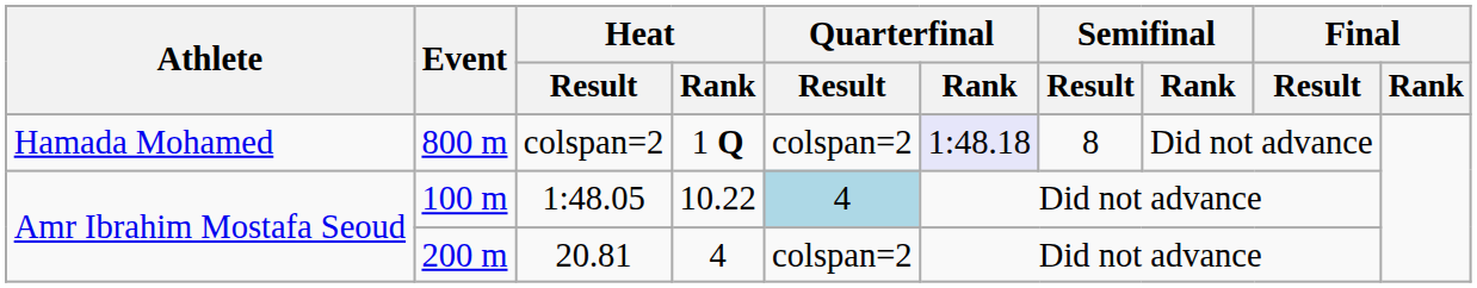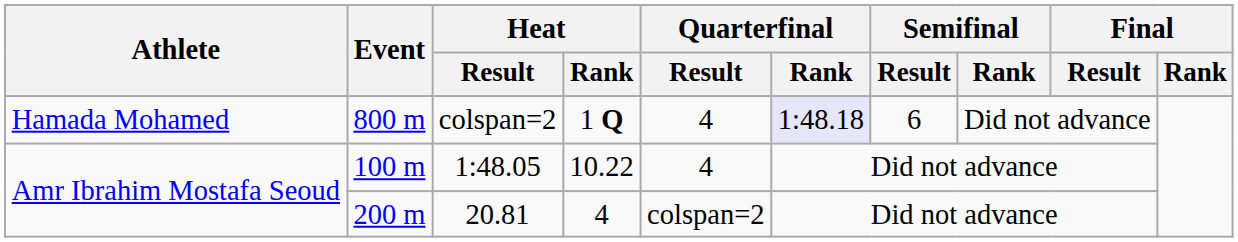 <table class="wikitable" style="font-size:90%">
 <tr>
 <th scope="col" rowspan="2">Athlete</th>
 <th scope="col" rowspan="2">Event</th>
 <th scope="col" colspan="2">Heat</th>
 <th scope="col" colspan="2">Quarterfinal</th>
 <th scope="col" colspan="2">Semifinal</th>
 <th scope="col" colspan="2">Final</th>
 </tr>
 <tr style="font-size:95%">
 <th scope="col">Result</th>
 <th scope="col">Rank</th>
 <th scope="col">Result</th>
 <th scope="col">Rank</th>
 <th scope="col">Result</th>
 <th scope="col">Rank</th>
 <th scope="col">Result</th>
 <th scope="col">Rank</th>
 </tr>
 <tr align=center>
 <td align=left><a href='#'>Hamada Mohamed</a></td>
 <td align=left><a href='#'>800 m</a></td>
 <td>colspan=2 </td>
 <td>1 <strong>Q</strong></td>
-<td>colspan=2 </td>
+<td>4</td>
 <td style="background: lavender;">1:48.18</td>
-<td>8</td>
+<td>6</td>
 <td colspan=2>Did not advance</td>
 </tr>
 <tr align=center>
 <td align=left rowspan=2><a href='#'>Amr Ibrahim Mostafa Seoud</a></td>
 <td align=left><a href='#'>100 m</a></td>
 <td>1:48.05</td>
 <td>10.22</td>
-<td style="background: lightblue;">4</td>
+<td>4</td>
 <td colspan=4>Did not advance</td>
 </tr>
 <tr align=center>
 <td align=left><a href='#'>200 m</a></td>
 <td>20.81</td>
 <td>4</td>
 <td>colspan=2 </td>
 <td colspan=4>Did not advance</td>
 </tr>
 </table>
